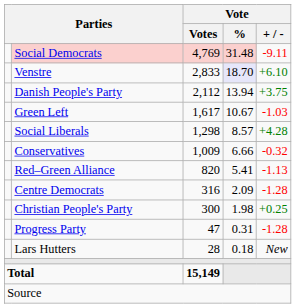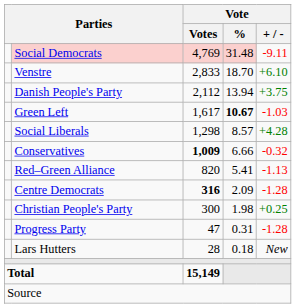 <table class="wikitable" style="text-align:right;">
 <tr>
 <th style="text-align:centre;" rowspan="2" colspan="2" width="225">Parties</th>
 <th colspan="3">Vote</th>
 </tr>
 <tr>
 <th width="15">Votes</th>
 <th width="15">%</th>
 <th width="15">+ / -</th>
 </tr>
 <tr>
 <td width="2" style="color:inherit;background:"></td>
 <td bgcolor=#fbd0ce  align="left"><a href='#'>Social Democrats</a></td>
 <td bgcolor=#fbd0ce>4,769</td>
 <td bgcolor=#fbd0ce>31.48</td>
 <td style=color:red;>-9.11</td>
 </tr>
 <tr>
 <td width="2" style="color:inherit;background:"></td>
 <td align="left"><a href='#'>Venstre</a></td>
 <td>2,833</td>
-<td style="background: lavender;">18.70</td>
+<td>18.70</td>
 <td style=color:green;>+6.10</td>
 </tr>
 <tr>
 <td width="2" style="color:inherit;background:"></td>
 <td align="left"><a href='#'>Danish People's Party</a></td>
 <td>2,112</td>
 <td>13.94</td>
 <td style=color:green;>+3.75</td>
 </tr>
 <tr>
 <td width="2" style="color:inherit;background:"></td>
 <td align="left"><a href='#'>Green Left</a></td>
 <td>1,617</td>
-<td>10.67</td>
+<td><strong>10.67</strong></td>
 <td style=color:red;>-1.03</td>
 </tr>
 <tr>
 <td width="2" style="color:inherit;background:"></td>
 <td align="left"><a href='#'>Social Liberals</a></td>
 <td>1,298</td>
 <td>8.57</td>
 <td style=color:green;>+4.28</td>
 </tr>
 <tr>
 <td width="2" style="color:inherit;background:"></td>
 <td align="left"><a href='#'>Conservatives</a></td>
-<td>1,009</td>
+<td><strong>1,009</strong></td>
 <td>6.66</td>
 <td style=color:red;>-0.32</td>
 </tr>
 <tr>
 <td width="2" style="color:inherit;background:"></td>
 <td align="left"><a href='#'>Red–Green Alliance</a></td>
 <td>820</td>
 <td>5.41</td>
 <td style=color:red;>-1.13</td>
 </tr>
 <tr>
 <td width="2" style="color:inherit;background:"></td>
 <td align="left"><a href='#'>Centre Democrats</a></td>
-<td>316</td>
+<td><strong>316</strong></td>
 <td>2.09</td>
 <td style=color:red;>-1.28</td>
 </tr>
 <tr>
 <td width="2" style="color:inherit;background:"></td>
 <td align="left"><a href='#'>Christian People's Party</a></td>
 <td>300</td>
 <td>1.98</td>
 <td style=color:green;>+0.25</td>
 </tr>
 <tr>
 <td width="2" style="color:inherit;background:"></td>
 <td align="left"><a href='#'>Progress Party</a></td>
 <td>47</td>
 <td>0.31</td>
 <td style=color:red;>-1.28</td>
 </tr>
 <tr>
 <td width="2" style="color:inherit;background:"></td>
 <td align="left">Lars Hutters</td>
 <td>28</td>
 <td>0.18</td>
 <td><em>New</em></td>
 </tr>
 <tr>
 <td colspan="7" bgcolor="#E9E9E9"></td>
 </tr>
 <tr>
 <td align="left" colspan="2"><strong>Total</strong></td>
 <td><strong>15,149</strong></td>
 <td bgcolor="#E9E9E9" colspan="2"></td>
 </tr>
 <tr>
 <td align="left" colspan="6">Source</td>
 </tr>
 </table>
